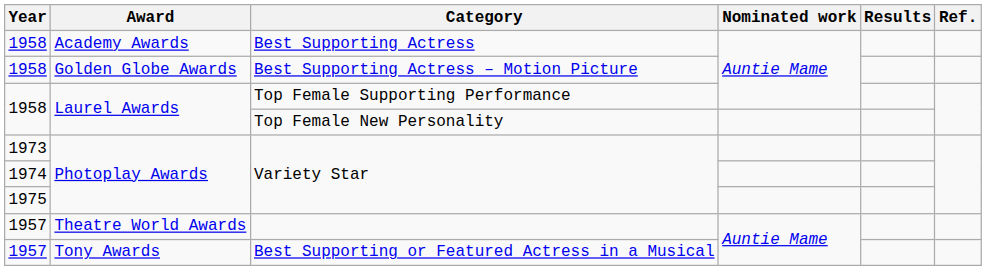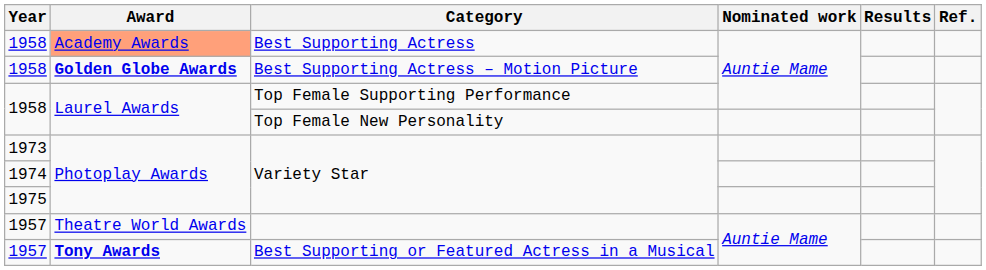 <table class="wikitable">
 <tr>
 <th>Year</th>
 <th>Award</th>
 <th>Category</th>
 <th>Nominated work</th>
 <th>Results</th>
 <th>Ref.</th>
 </tr>
 <tr>
 <td><a href='#'>1958</a></td>
-<td><a href='#'>Academy Awards</a></td>
+<td style="background: lightsalmon;"><a href='#'>Academy Awards</a></td>
 <td><a href='#'>Best Supporting Actress</a></td>
 <td rowspan="3"><em><a href='#'>Auntie Mame</a></em></td>
 <td></td>
 <td align="center"></td>
 </tr>
 <tr>
 <td><a href='#'>1958</a></td>
-<td><a href='#'>Golden Globe Awards</a></td>
+<td><strong><a href='#'>Golden Globe Awards</a></strong></td>
 <td><a href='#'>Best Supporting Actress – Motion Picture</a></td>
 <td></td>
 <td align="center"></td>
 </tr>
 <tr>
 <td rowspan="2">1958</td>
 <td rowspan="2"><a href='#'>Laurel Awards</a></td>
 <td>Top Female Supporting Performance</td>
 <td></td>
 <td align="center" rowspan="2"></td>
 </tr>
 <tr>
 <td>Top Female New Personality</td>
 <td></td>
 <td></td>
 </tr>
 <tr>
 <td>1973</td>
 <td rowspan="3"><a href='#'>Photoplay Awards</a></td>
 <td rowspan="3">Variety Star</td>
 <td></td>
 <td></td>
 <td align="center" rowspan="3"></td>
 </tr>
 <tr>
 <td>1974</td>
 <td></td>
 <td></td>
 </tr>
 <tr>
 <td>1975</td>
 <td></td>
 <td></td>
 </tr>
 <tr>
 <td>1957</td>
 <td><a href='#'>Theatre World Awards</a></td>
 <td></td>
 <td rowspan="2"><em><a href='#'>Auntie Mame</a></em></td>
 <td></td>
 <td align="center"></td>
 </tr>
 <tr>
 <td><a href='#'>1957</a></td>
-<td><a href='#'>Tony Awards</a></td>
+<td><strong><a href='#'>Tony Awards</a></strong></td>
 <td><a href='#'>Best Supporting or Featured Actress in a Musical</a></td>
 <td></td>
 <td align="center"></td>
 </tr>
 </table>
